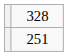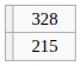 <table class="wikitable">
 <tr>
 <th></th>
 <td style="padding-left: 1em; padding-right: 1em">328</td>
 </tr>
 <tr>
 <th></th>
-<td style="padding-left: 1em; padding-right: 1em">251</td>
+<td style="padding-left: 1em; padding-right: 1em">215</td>
 </tr>
 </table>
